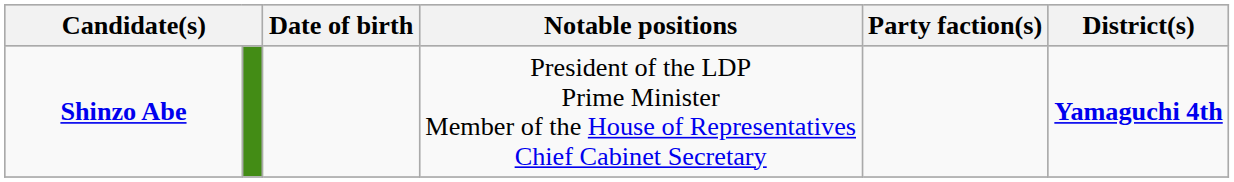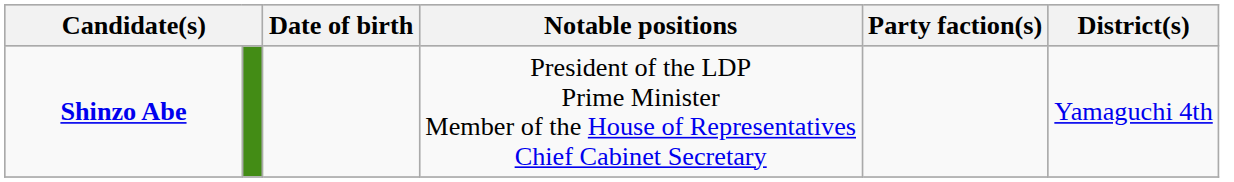 <table class="wikitable sortable" style="text-align:center">
 <tr>
 <th colspan="2" style="width:150px;">Candidate(s)</th>
 <th>Date of birth</th>
 <th class="unsortable">Notable positions</th>
 <th>Party faction(s)</th>
 <th>District(s)</th>
 </tr>
 <tr>
 <td> <strong><a href='#'>Shinzo Abe</a></strong></td>
 <td style="background:#438C15"></td>
 <td><br></td>
 <td>President of the LDP <br>Prime Minister <br>Member of the <a href='#'>House of Representatives</a> <br><a href='#'>Chief Cabinet Secretary</a> </td>
 <td></td>
-<td><strong> <a href='#'>Yamaguchi 4th</a></strong></td>
+<td> <a href='#'>Yamaguchi 4th</a></td>
 </tr>
 </table>
